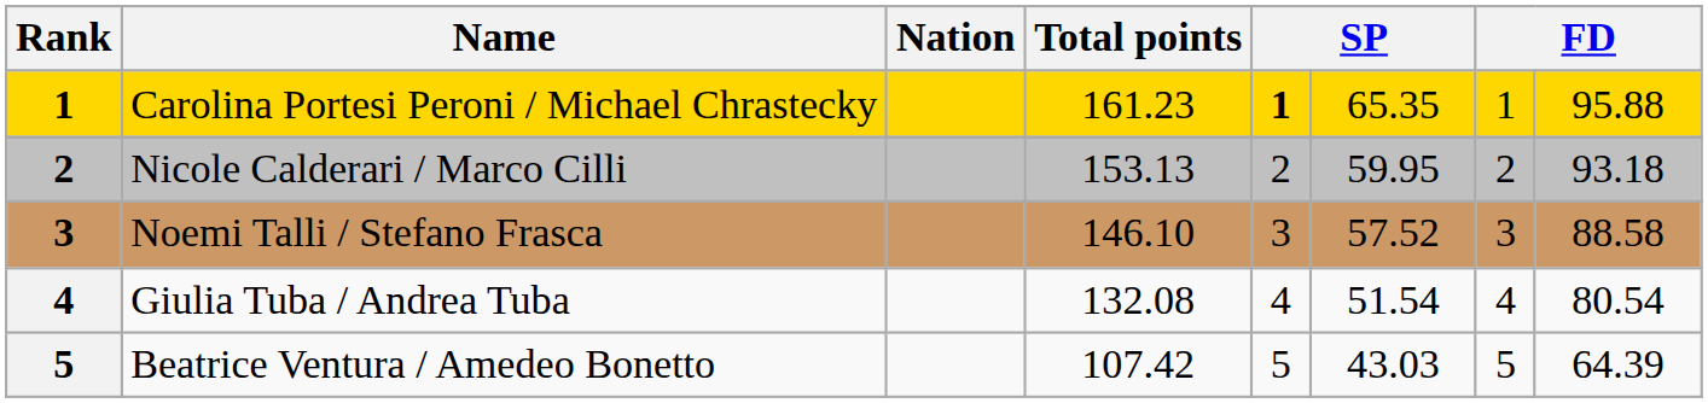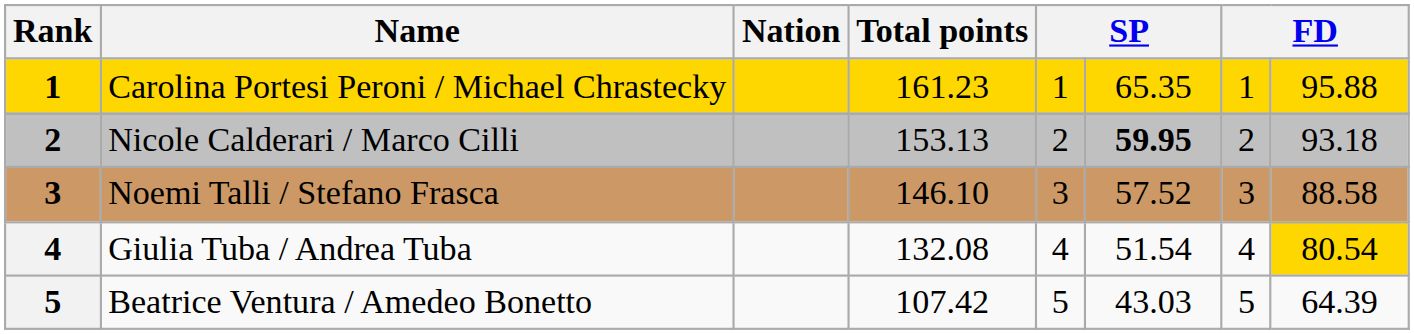 <table class="wikitable sortable">
 <tr>
 <th>Rank</th>
 <th>Name</th>
 <th>Nation</th>
 <th>Total points</th>
 <th colspan="2" width="80px"><a href='#'>SP</a></th>
 <th colspan="2" width="80px"><a href='#'>FD</a></th>
 </tr>
 <tr bgcolor="gold">
 <td align="center"><strong>1</strong></td>
 <td>Carolina Portesi Peroni / Michael Chrastecky</td>
 <td></td>
 <td align="center">161.23</td>
-<td align="center"><strong>1</strong></td>
+<td align="center">1</td>
 <td align="center">65.35</td>
 <td align="center">1</td>
 <td align="center">95.88</td>
 </tr>
 <tr>
 </tr>
 <tr bgcolor="silver">
 <td align="center"><strong>2</strong></td>
 <td>Nicole Calderari / Marco Cilli</td>
 <td></td>
 <td align="center">153.13</td>
 <td align="center">2</td>
-<td align="center">59.95</td>
+<td align="center"><strong>59.95</strong></td>
 <td align="center">2</td>
 <td align="center">93.18</td>
 </tr>
 <tr>
 </tr>
 <tr bgcolor="cc9966">
 <td align="center"><strong>3</strong></td>
 <td>Noemi Talli / Stefano Frasca</td>
 <td></td>
 <td align="center">146.10</td>
 <td align="center">3</td>
 <td align="center">57.52</td>
 <td align="center">3</td>
 <td align="center">88.58</td>
 </tr>
 <tr>
 <th>4</th>
 <td>Giulia Tuba / Andrea Tuba</td>
 <td></td>
 <td align="center">132.08</td>
 <td align="center">4</td>
 <td align="center">51.54</td>
 <td align="center">4</td>
-<td align="center">80.54</td>
+<td align="center" style="background: gold;">80.54</td>
 </tr>
 <tr>
 <th>5</th>
 <td>Beatrice Ventura / Amedeo Bonetto</td>
 <td></td>
 <td align="center">107.42</td>
 <td align="center">5</td>
 <td align="center">43.03</td>
 <td align="center">5</td>
 <td align="center">64.39</td>
 </tr>
 </table>
